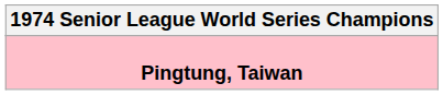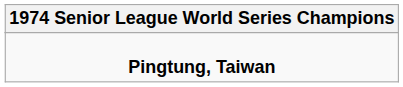 <table class="wikitable" style="text-align: center; margin: 0 auto;">
 <tr>
 <th>1974 Senior League World Series Champions</th>
 </tr>
 <tr>
 </tr>
 <tr>
-<td style="background: pink;"><br><strong>Pingtung, Taiwan</strong></td>
+<td><br><strong>Pingtung, Taiwan</strong></td>
 </tr>
 </table>
